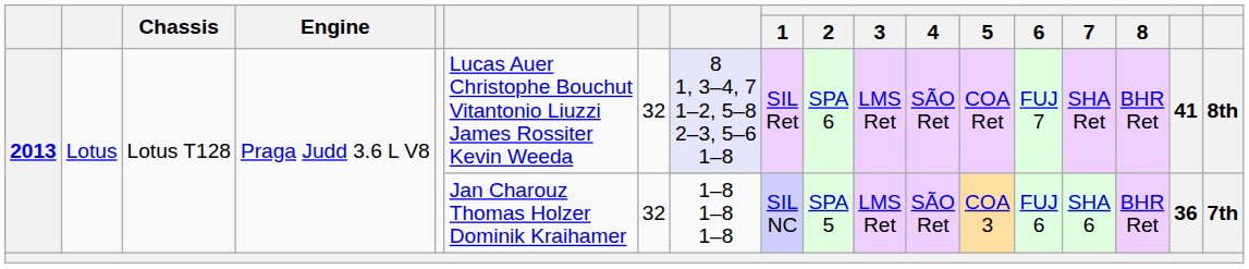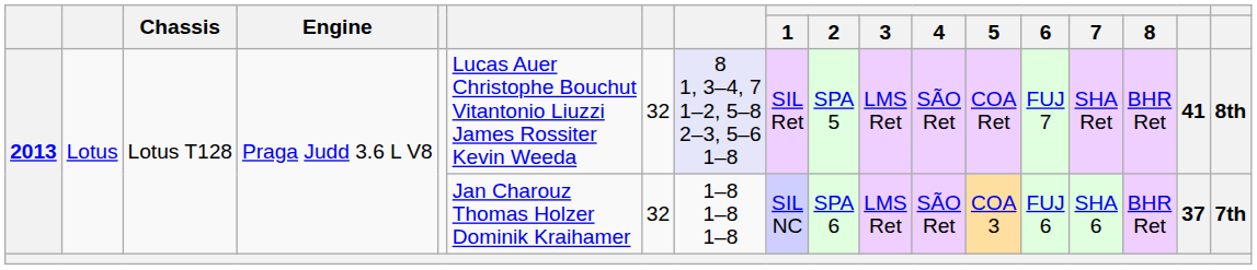 <table class="wikitable" style="text-align:center; font-size:90%">
 <tr>
 <th rowspan="2"></th>
 <th rowspan="2"></th>
 <th rowspan="2">Chassis</th>
 <th rowspan="2">Engine</th>
 <th rowspan="2"></th>
 <th rowspan="2"></th>
 <th rowspan="2"></th>
 <th rowspan="2"></th>
 <th colspan="9"></th>
 <th colspan="2"></th>
 </tr>
 <tr>
 <th scope="col">1</th>
 <th scope="col">2</th>
 <th scope="col">3</th>
 <th scope="col">4</th>
 <th scope="col">5</th>
 <th scope="col">6</th>
 <th scope="col">7</th>
 <th scope="col">8</th>
 <th scope="col"></th>
 <th scope="col"></th>
 </tr>
 <tr>
 <th rowspan="2"><a href='#'>2013</a></th>
 <td rowspan="2" align="left" style="border-left:0px"><a href='#'>Lotus</a></td>
 <td rowspan="2">Lotus T128</td>
 <td rowspan="2"><a href='#'>Praga</a> <a href='#'>Judd</a> 3.6 L V8</td>
 <td rowspan="2"></td>
 <td align="left " style="border-left:0px"><a href='#'>Lucas Auer</a><br><a href='#'>Christophe Bouchut</a><br><a href='#'>Vitantonio Liuzzi</a><br><a href='#'>James Rossiter</a><br><a href='#'>Kevin Weeda</a></td>
 <td>32</td>
 <td style="background: lavender;">8<br>1, 3–4, 7<br>1–2, 5–8<br>2–3, 5–6<br>1–8</td>
 <td style="background:#EFCFFF;"><a href='#'>SIL</a><br>Ret</td>
-<td style="background:#DFFFDF;"><a href='#'>SPA</a><br>6</td>
+<td style="background:#DFFFDF;"><a href='#'>SPA</a><br>5</td>
 <td style="background:#EFCFFF;"><a href='#'>LMS</a><br>Ret</td>
 <td style="background:#EFCFFF;"><a href='#'>SÃO</a><br>Ret</td>
 <td style="background:#EFCFFF;"><a href='#'>COA</a><br>Ret</td>
 <td style="background:#DFFFDF;"><a href='#'>FUJ</a><br>7</td>
 <td style="background:#EFCFFF;"><a href='#'>SHA</a><br>Ret</td>
 <td style="background:#EFCFFF;"><a href='#'>BHR</a><br>Ret</td>
 <th>41</th>
 <th>8th</th>
 </tr>
 <tr>
 <td align="left " style="border-left:0px"><a href='#'>Jan Charouz</a><br><a href='#'>Thomas Holzer</a><br><a href='#'>Dominik Kraihamer</a></td>
 <td>32</td>
 <td>1–8<br>1–8<br>1–8</td>
 <td style="background:#CFCFFF;"><a href='#'>SIL</a><br>NC</td>
-<td style="background:#DFFFDF;"><a href='#'>SPA</a><br>5</td>
+<td style="background:#DFFFDF;"><a href='#'>SPA</a><br>6</td>
 <td style="background:#EFCFFF;"><a href='#'>LMS</a><br>Ret</td>
 <td style="background:#EFCFFF;"><a href='#'>SÃO</a><br>Ret</td>
 <td style="background:#FFDF9F;"><a href='#'>COA</a><br>3</td>
 <td style="background:#DFFFDF;"><a href='#'>FUJ</a><br>6</td>
 <td style="background:#DFFFDF;"><a href='#'>SHA</a><br>6</td>
 <td style="background:#EFCFFF;"><a href='#'>BHR</a><br>Ret</td>
-<th>36</th>
+<th>37</th>
 <th>7th</th>
 </tr>
 <tr>
 <th colspan="18"></th>
 </tr>
 </table>
